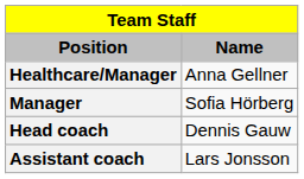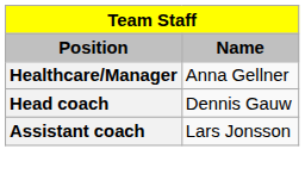 <table class="wikitable" style="text-align:left; font-size:90%;">
 <tr>
 <th style=background:Yellow colspan=2>Team Staff</th>
 </tr>
 <tr>
 <th width=60% style="background:silver;">Position</th>
 <th style="background:silver;">Name</th>
 </tr>
 <tr>
 <th style="text-align:left;">Healthcare/Manager</th>
 <td>Anna Gellner</td>
 </tr>
 <tr>
-<th style="text-align:left;">Manager</th>
-<td>Sofia Hörberg</td>
-</tr>
-<tr>
 <th style="text-align:left;">Head coach</th>
 <td>Dennis Gauw</td>
 </tr>
 <tr>
 <th style="text-align:left;">Assistant coach</th>
 <td>Lars Jonsson</td>
 </tr>
 </table>
